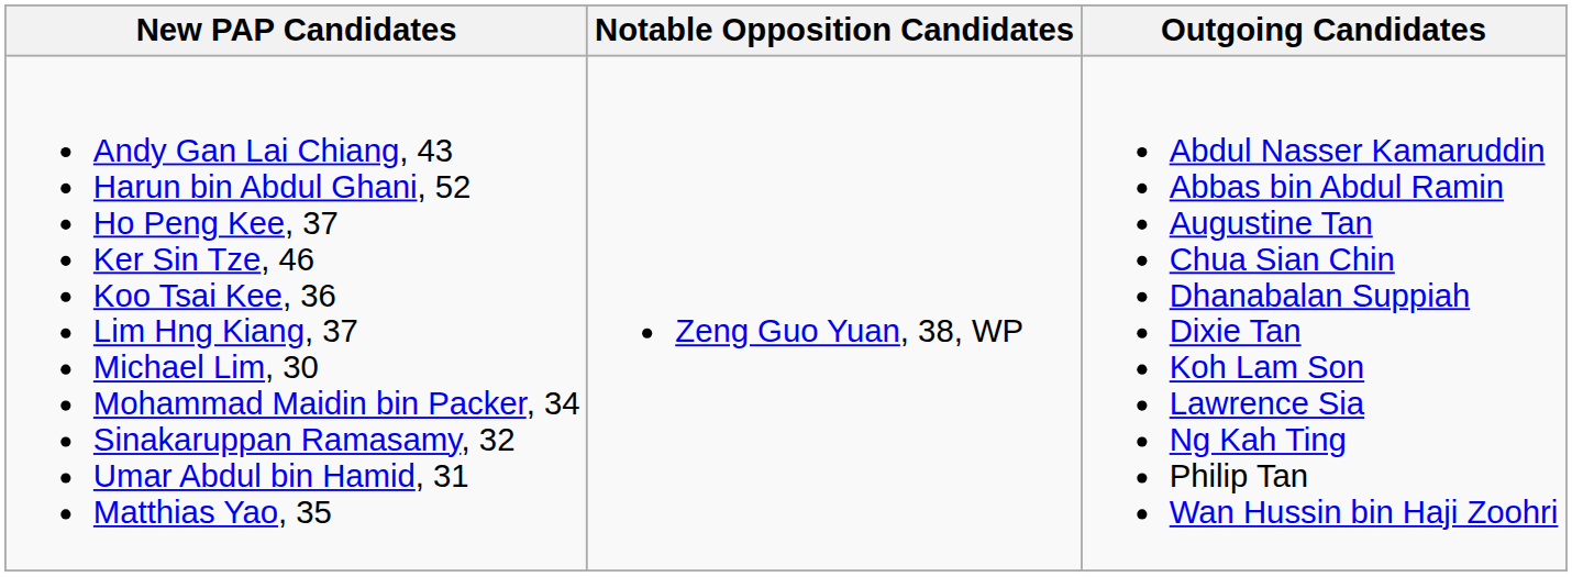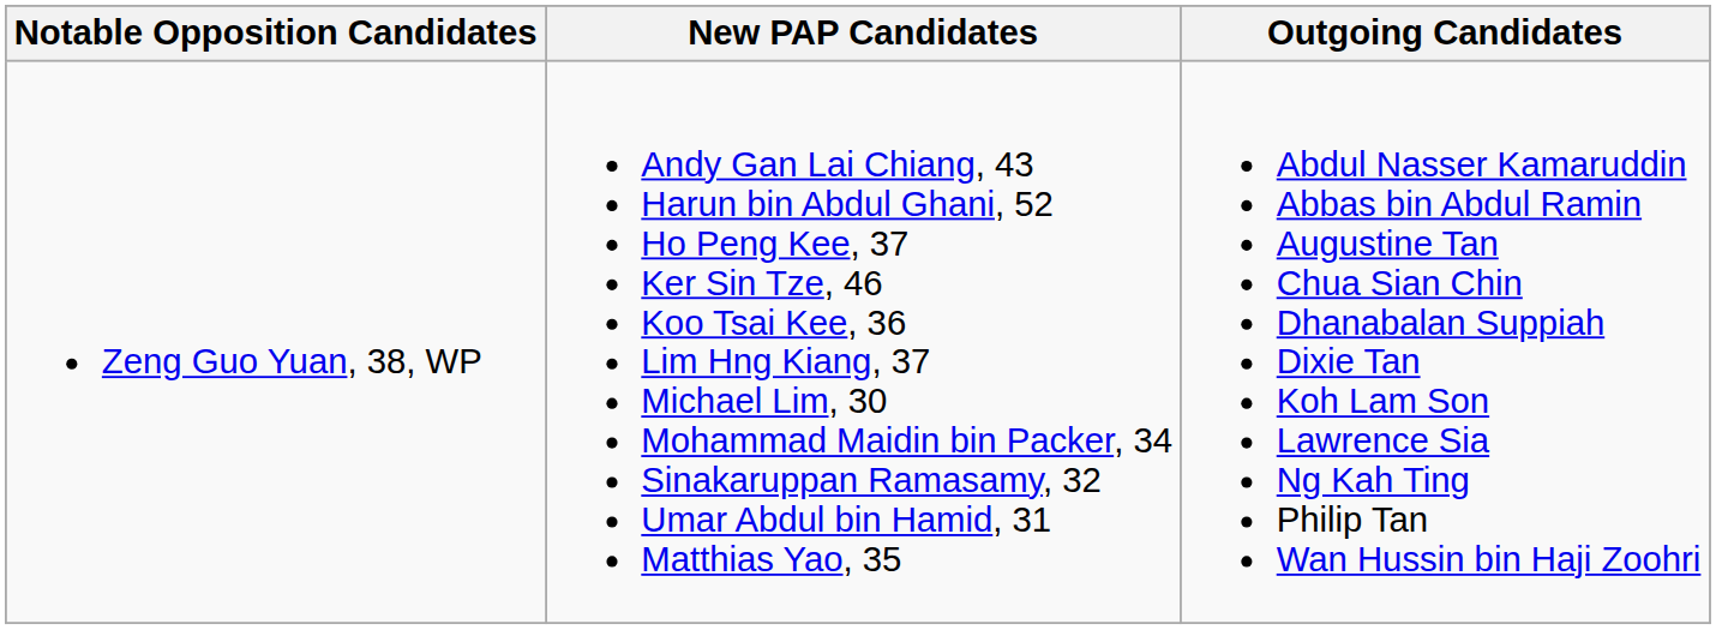 <table class=wikitable style=text-align:left>
 <tr>
+<th>Notable Opposition Candidates</th>
 <th>New PAP Candidates</th>
-<th>Notable Opposition Candidates</th>
 <th>Outgoing Candidates</th>
 </tr>
 <tr>
+<td><br><ul><li><a href='#'>Zeng Guo Yuan</a>, 38, WP</li></ul></td>
 <td><br><ul><li><a href='#'>Andy Gan Lai Chiang</a>, 43</li><li><a href='#'>Harun bin Abdul Ghani</a>, 52</li><li><a href='#'>Ho Peng Kee</a>, 37</li><li><a href='#'>Ker Sin Tze</a>, 46</li><li><a href='#'>Koo Tsai Kee</a>, 36</li><li><a href='#'>Lim Hng Kiang</a>, 37</li><li><a href='#'>Michael Lim</a>, 30</li><li><a href='#'>Mohammad Maidin bin Packer</a>, 34</li><li><a href='#'>Sinakaruppan Ramasamy</a>, 32</li><li><a href='#'>Umar Abdul bin Hamid</a>, 31</li><li><a href='#'>Matthias Yao</a>, 35</li></ul></td>
-<td><br><ul><li><a href='#'>Zeng Guo Yuan</a>, 38, WP</li></ul></td>
 <td><br><ul><li><a href='#'>Abdul Nasser Kamaruddin</a></li><li><a href='#'>Abbas bin Abdul Ramin</a></li><li><a href='#'>Augustine Tan</a></li><li><a href='#'>Chua Sian Chin</a></li><li><a href='#'>Dhanabalan Suppiah</a></li><li><a href='#'>Dixie Tan</a></li><li><a href='#'>Koh Lam Son</a></li><li><a href='#'>Lawrence Sia</a></li><li><a href='#'>Ng Kah Ting</a></li><li>Philip Tan</li><li><a href='#'>Wan Hussin bin Haji Zoohri</a></li></ul></td>
 </tr>
 </table>
